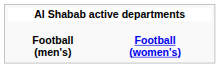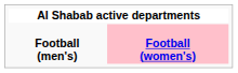 <table class="infobox" style="width: 20em; font-size: 95%em;">
 <tr style="color:black; background:white; text-align:center;">
 <th colspan="3" style="text-align: center">Al Shabab active departments</th>
 </tr>
 <tr style="text-align: center">
 <td><br><strong>Football<br>(men's)</strong></td>
-<td><br><strong><a href='#'>Football<br>(women's)</a></strong></td>
+<td style="background: pink;"><br><strong><a href='#'>Football<br>(women's)</a></strong></td>
 </tr>
 </table>
